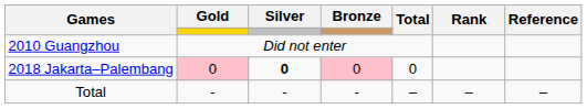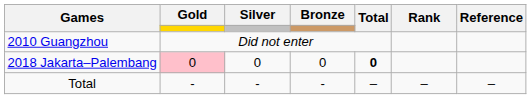 <table class="wikitable" style="text-align:center; font-size:90%;">
 <tr>
 <th rowspan=2>Games</th>
 <th style="width:4.5em;">Gold</th>
 <th style="width:4.5em;">Silver</th>
 <th style="width:4.5em;">Bronze</th>
 <th rowspan=2 !style="width:4.5em;">Total</th>
 <th rowspan=2 style="width:4.5em;">Rank</th>
 <th rowspan=2 style="width:4.5em;">Reference</th>
 </tr>
 <tr>
 <td style="background:gold;"></td>
 <td style="background:silver;"></td>
 <td style="background:#cc9966;"></td>
 </tr>
 <tr>
 <td align=left> <a href='#'>2010 Guangzhou</a></td>
 <td colspan=4><em>Did not enter</em></td>
 <td></td>
 <td></td>
 </tr>
 <tr>
 <td align=left> <a href='#'>2018 Jakarta–Palembang</a></td>
 <td style="background: pink;">0</td>
+<td>0</td>
+<td>0</td>
 <td><strong>0</strong></td>
-<td style="background: pink;">0</td>
-<td>0</td>
 <td></td>
 <td></td>
 </tr>
 <tr>
 <td>Total</td>
 <td>-</td>
 <td>-</td>
 <td>-</td>
 <td>–</td>
 <td>–</td>
 <td>–</td>
 </tr>
 </table>
